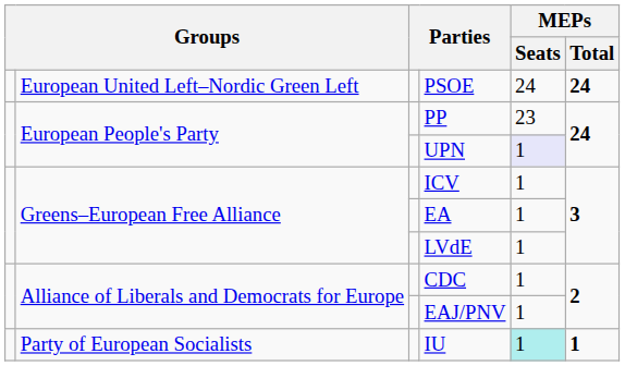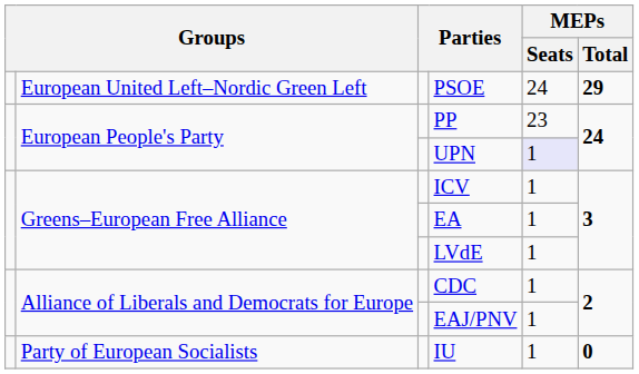 <table class="wikitable" style="text-align:left;">
 <tr>
 <th rowspan="2" colspan="2">Groups</th>
 <th rowspan="2" colspan="2">Parties</th>
 <th colspan="2">MEPs</th>
 </tr>
 <tr>
 <th>Seats</th>
 <th>Total</th>
 </tr>
 <tr>
 <td width="1" style="color:inherit;background:"></td>
 <td><a href='#'>European United Left–Nordic Green Left</a></td>
 <td width="1" style="color:inherit;background:"></td>
 <td><a href='#'>PSOE</a></td>
 <td>24</td>
-<td><strong>24</strong></td>
+<td><strong>29</strong></td>
 </tr>
 <tr>
 <td rowspan="2" style="color:inherit;background:"></td>
 <td rowspan="2"><a href='#'>European People's Party</a></td>
 <td style="color:inherit;background:"></td>
 <td><a href='#'>PP</a></td>
 <td>23</td>
 <td rowspan="2"><strong>24</strong></td>
 </tr>
 <tr>
 <td style="color:inherit;background:"></td>
 <td><a href='#'>UPN</a></td>
 <td style="background: lavender;">1</td>
 </tr>
 <tr>
 <td rowspan="3" style="color:inherit;background:"></td>
 <td rowspan="3"><a href='#'>Greens–European Free Alliance</a></td>
 <td style="color:inherit;background:"></td>
 <td><a href='#'>ICV</a></td>
 <td>1</td>
 <td rowspan="3"><strong>3</strong></td>
 </tr>
 <tr>
 <td style="color:inherit;background:"></td>
 <td><a href='#'>EA</a></td>
 <td>1</td>
 </tr>
 <tr>
 <td style="color:inherit;background:"></td>
 <td><a href='#'>LVdE</a></td>
 <td>1</td>
 </tr>
 <tr>
 <td rowspan="2" style="color:inherit;background:"></td>
 <td rowspan="2"><a href='#'>Alliance of Liberals and Democrats for Europe</a></td>
 <td style="color:inherit;background:"></td>
 <td><a href='#'>CDC</a></td>
 <td>1</td>
 <td rowspan="2"><strong>2</strong></td>
 </tr>
 <tr>
 <td style="color:inherit;background:"></td>
 <td><a href='#'>EAJ/PNV</a></td>
 <td>1</td>
 </tr>
 <tr>
 <td style="color:inherit;background:"></td>
 <td><a href='#'>Party of European Socialists</a></td>
 <td style="color:inherit;background:"></td>
 <td><a href='#'>IU</a></td>
-<td style="background: paleturquoise;">1</td>
-<td><strong>1</strong></td>
+<td>1</td>
+<td><strong>0</strong></td>
 </tr>
 </table>
